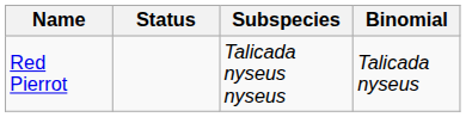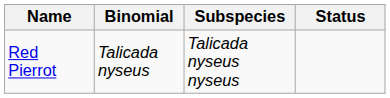 <table width=60% class="wikitable">
 <tr>
 <th width=20%>Name</th>
+<th width=20%>Binomial</th>
+<th width=20%>Subspecies</th>
 <th width=20%>Status</th>
-<th width=20%>Subspecies</th>
-<th width=20%>Binomial</th>
 </tr>
 <tr>
 <td><a href='#'>Red Pierrot</a><br> </td>
+<td><em>Talicada nyseus</em></td>
+<td><em>Talicada nyseus nyseus</em></td>
 <td></td>
-<td><em>Talicada nyseus nyseus</em></td>
-<td><em>Talicada nyseus</em></td>
 </tr>
 </table>
